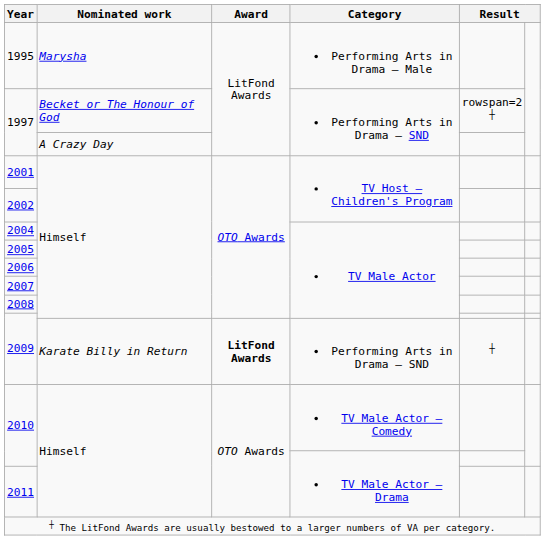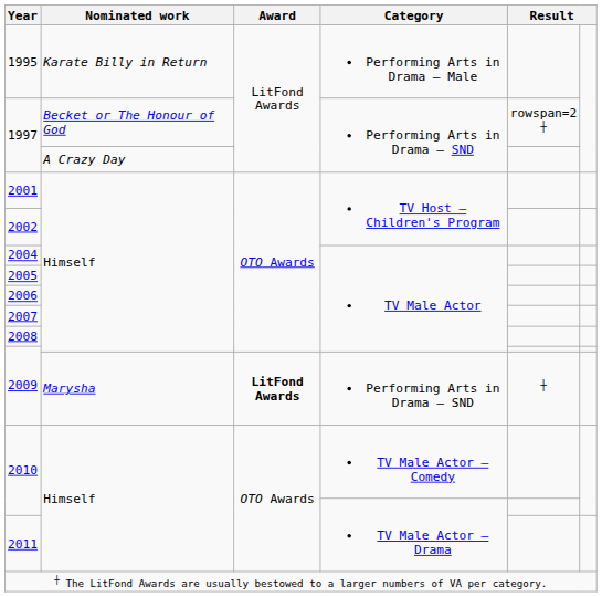 <table class="wikitable" style="text-align:center; width:100%">
 <tr>
 <th width=4%>Year</th>
 <th width=34.5%>Nominated work</th>
 <th width=15%>Award</th>
 <th width=32.5%>Category</th>
 <th width=14% colspan=2>Result</th>
 </tr>
 <tr>
 <td>1995</td>
-<td align=left><em><a href='#'>Marysha</a></em> </td>
+<td align=left><em>Karate Billy in Return</em> </td>
 <td rowspan=3>LitFond Awards</td>
 <td><br><ul><li>Performing Arts in Drama – Male</li></ul></td>
 <td></td>
 <td rowspan=3 width=3%></td>
 </tr>
 <tr>
 <td rowspan=2>1997</td>
 <td align=left><em><a href='#'>Becket or The Honour of God</a></em> </td>
 <td rowspan=2><br><ul><li>Performing Arts in Drama – <a href='#'>SND</a></li></ul></td>
 <td>rowspan=2 <sup>┼</sup></td>
 </tr>
 <tr>
 <td align=left><em>A Crazy Day</em> </td>
 </tr>
 <tr>
 <td><a href='#'>2001</a></td>
 <td align=left rowspan=8>Himself <br></td>
 <td rowspan=8><a href='#'><em>OTO</em> Awards</a></td>
 <td rowspan=2><br><ul><li><a href='#'>TV Host – Children's Program</a></li></ul></td>
 <td></td>
 <td width=3%></td>
 </tr>
 <tr>
 <td><a href='#'>2002</a></td>
 <td></td>
 <td width=3%></td>
 </tr>
 <tr>
 <td><a href='#'>2004</a></td>
 <td rowspan=6><br><ul><li><a href='#'>TV Male Actor</a></li></ul></td>
 <td></td>
 <td width=3%></td>
 </tr>
 <tr>
 <td><a href='#'>2005</a></td>
 <td></td>
 <td width=3%></td>
 </tr>
 <tr>
 <td><a href='#'>2006</a></td>
 <td></td>
 <td width=3%></td>
 </tr>
 <tr>
 <td><a href='#'>2007</a></td>
 <td></td>
 <td width=3%></td>
 </tr>
 <tr>
 <td><a href='#'>2008</a></td>
 <td></td>
 <td width=3%></td>
 </tr>
 <tr>
 <td rowspan=2><a href='#'>2009</a></td>
 <td></td>
 <td width=3%></td>
 </tr>
 <tr>
-<td align=left><em>Karate Billy in Return</em> </td>
+<td align=left><em><a href='#'>Marysha</a></em> </td>
 <td><strong>LitFond Awards</strong></td>
 <td><br><ul><li>Performing Arts in Drama – SND</li></ul></td>
 <td><sup>┼</sup></td>
 <td width=3%></td>
 </tr>
 <tr>
 <td rowspan=2><a href='#'>2010</a></td>
 <td align=left rowspan=3>Himself <br></td>
 <td rowspan=3><em>OTO</em> Awards</td>
 <td><br><ul><li><a href='#'>TV Male Actor – Comedy</a></li></ul></td>
 <td></td>
 <td rowspan=2 width=3%></td>
 </tr>
 <tr>
 <td rowspan=2><br><ul><li><a href='#'>TV Male Actor – Drama</a></li></ul></td>
 <td></td>
 </tr>
 <tr>
 <td><a href='#'>2011</a></td>
 <td></td>
 <td width=3%></td>
 </tr>
 <tr>
 <td colspan=6 width=30% style=font-size:8pt><sup>┼</sup> The LitFond Awards are usually bestowed to a larger numbers of VA per category.</td>
 </tr>
 </table>
